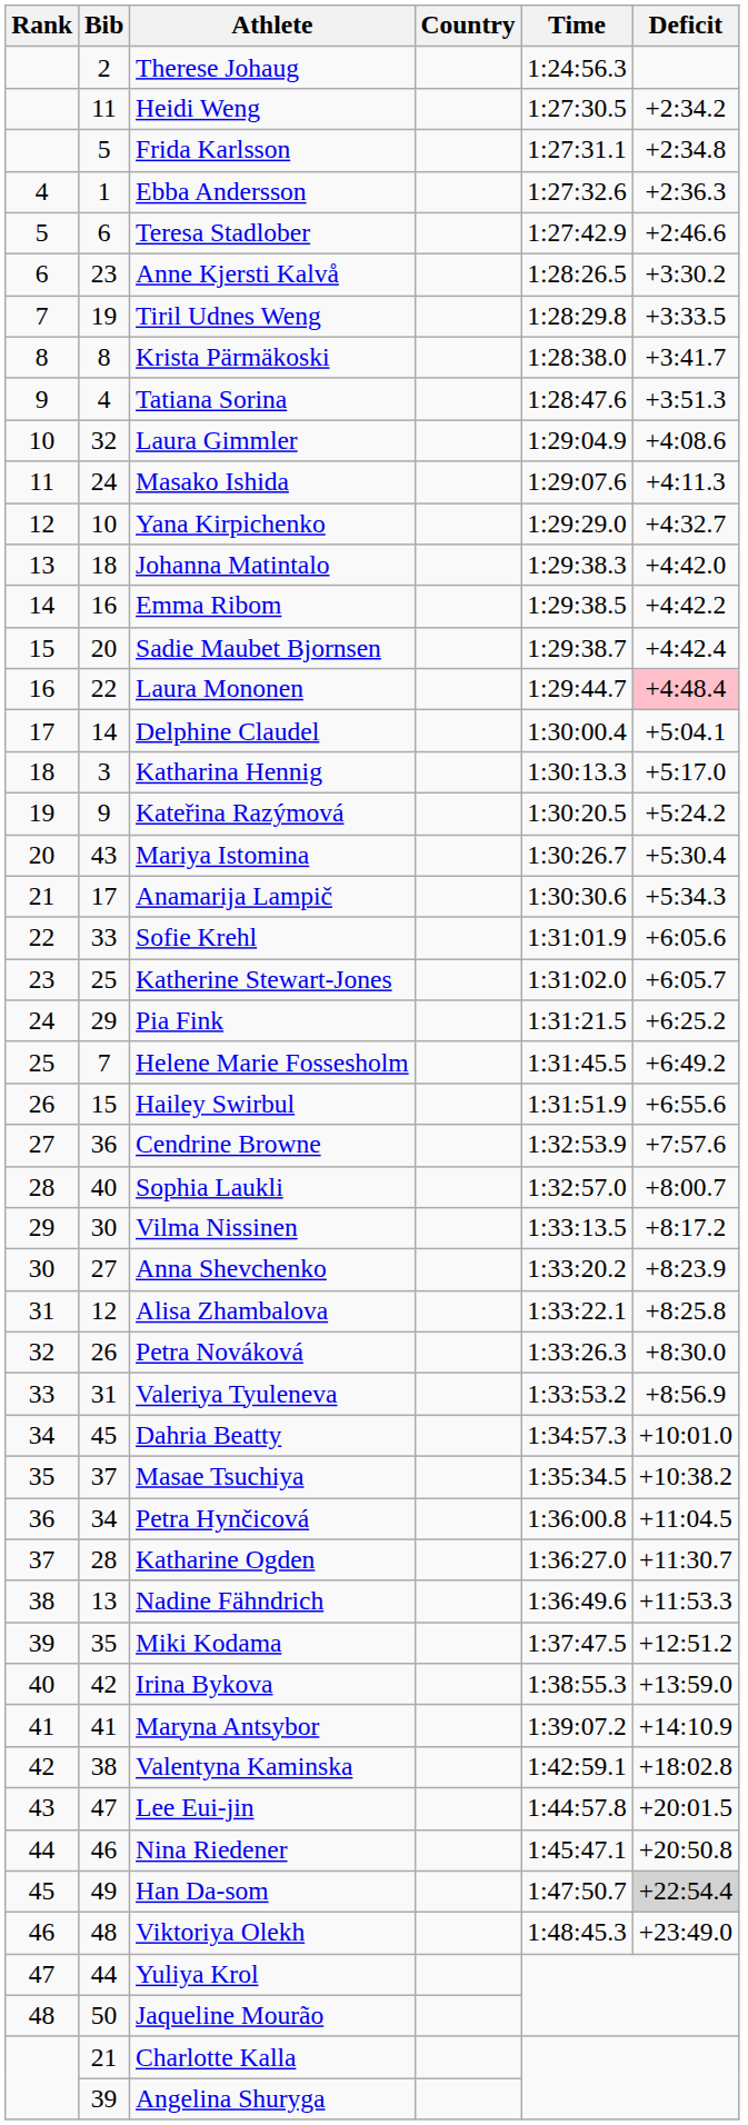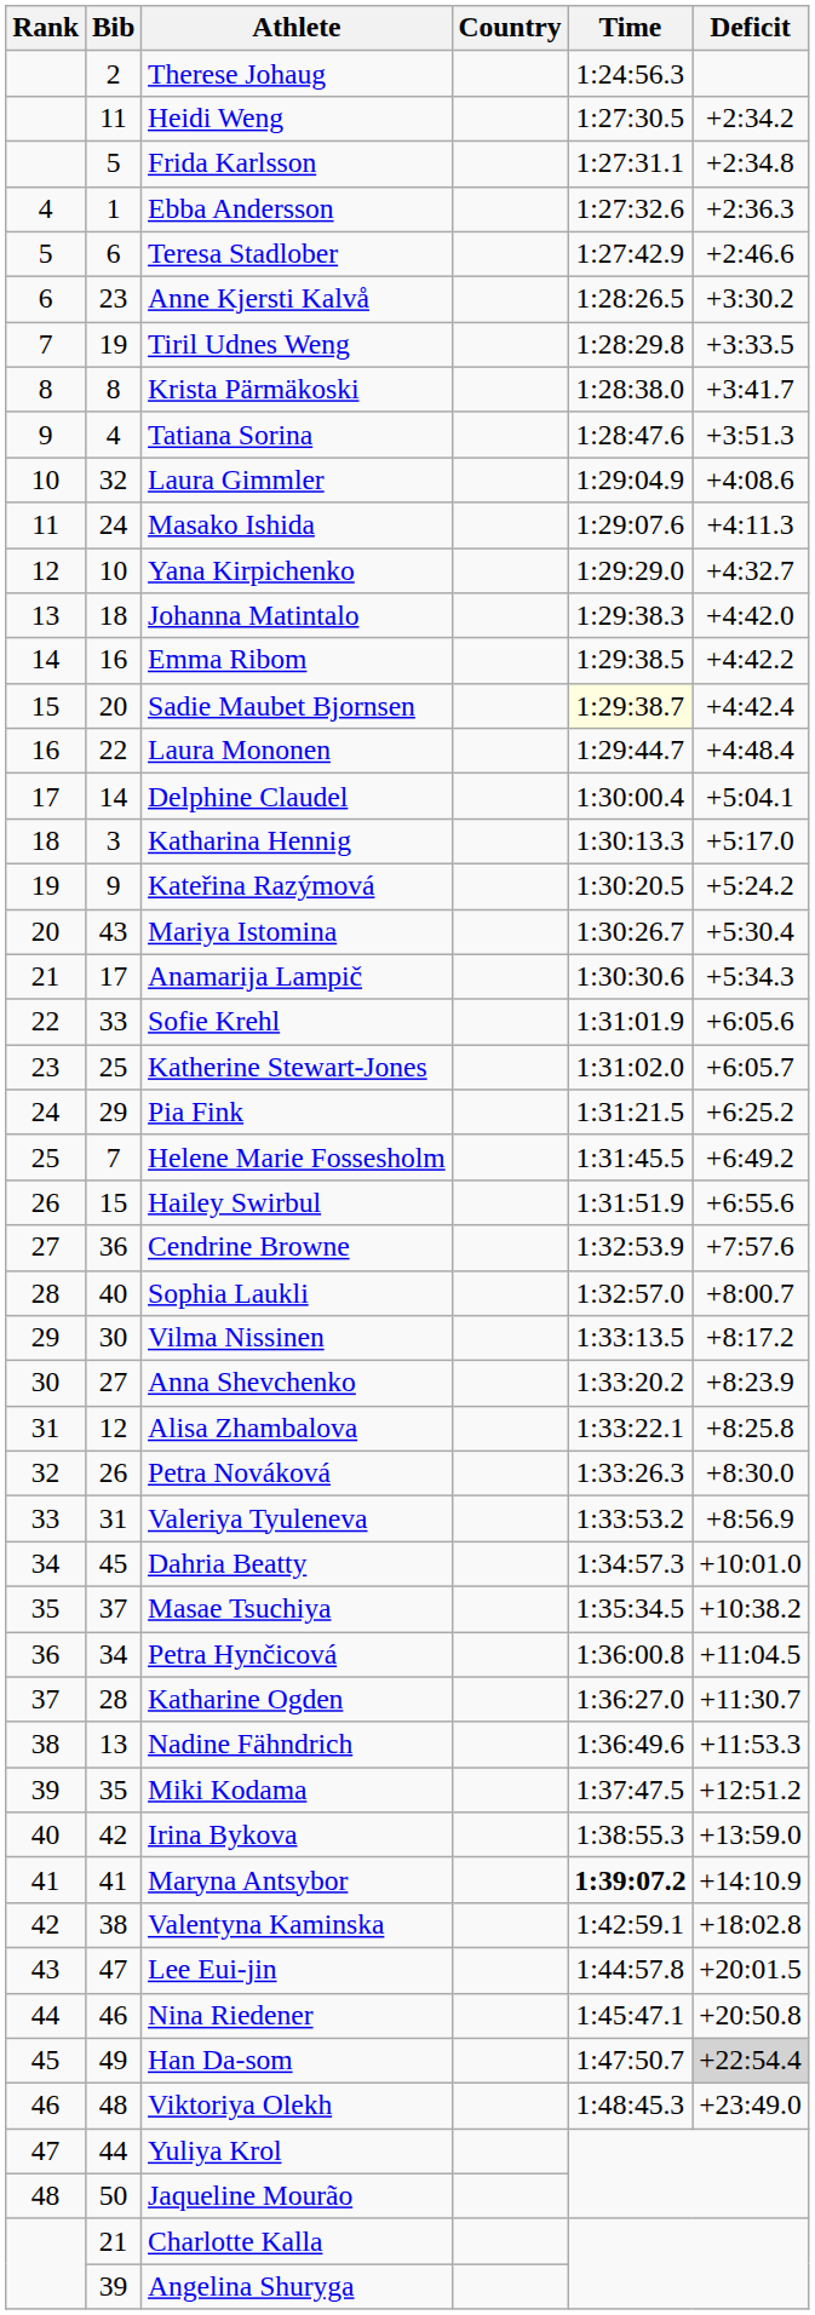 <table class="wikitable sortable" style="text-align:center">
 <tr>
 <th>Rank</th>
 <th>Bib</th>
 <th>Athlete</th>
 <th>Country</th>
 <th>Time</th>
 <th>Deficit</th>
 </tr>
 <tr>
 <td></td>
 <td>2</td>
 <td align=left><a href='#'>Therese Johaug</a></td>
 <td align=left></td>
 <td>1:24:56.3</td>
 <td></td>
 </tr>
 <tr>
 <td></td>
 <td>11</td>
 <td align=left><a href='#'>Heidi Weng</a></td>
 <td align=left></td>
 <td>1:27:30.5</td>
 <td>+2:34.2</td>
 </tr>
 <tr>
 <td></td>
 <td>5</td>
 <td align=left><a href='#'>Frida Karlsson</a></td>
 <td align=left></td>
 <td>1:27:31.1</td>
 <td>+2:34.8</td>
 </tr>
 <tr>
 <td>4</td>
 <td>1</td>
 <td align=left><a href='#'>Ebba Andersson</a></td>
 <td align=left></td>
 <td>1:27:32.6</td>
 <td>+2:36.3</td>
 </tr>
 <tr>
 <td>5</td>
 <td>6</td>
 <td align=left><a href='#'>Teresa Stadlober</a></td>
 <td align=left></td>
 <td>1:27:42.9</td>
 <td>+2:46.6</td>
 </tr>
 <tr>
 <td>6</td>
 <td>23</td>
 <td align=left><a href='#'>Anne Kjersti Kalvå</a></td>
 <td align=left></td>
 <td>1:28:26.5</td>
 <td>+3:30.2</td>
 </tr>
 <tr>
 <td>7</td>
 <td>19</td>
 <td align=left><a href='#'>Tiril Udnes Weng</a></td>
 <td align=left></td>
 <td>1:28:29.8</td>
 <td>+3:33.5</td>
 </tr>
 <tr>
 <td>8</td>
 <td>8</td>
 <td align=left><a href='#'>Krista Pärmäkoski</a></td>
 <td align=left></td>
 <td>1:28:38.0</td>
 <td>+3:41.7</td>
 </tr>
 <tr>
 <td>9</td>
 <td>4</td>
 <td align=left><a href='#'>Tatiana Sorina</a></td>
 <td align=left></td>
 <td>1:28:47.6</td>
 <td>+3:51.3</td>
 </tr>
 <tr>
 <td>10</td>
 <td>32</td>
 <td align=left><a href='#'>Laura Gimmler</a></td>
 <td align=left></td>
 <td>1:29:04.9</td>
 <td>+4:08.6</td>
 </tr>
 <tr>
 <td>11</td>
 <td>24</td>
 <td align=left><a href='#'>Masako Ishida</a></td>
 <td align=left></td>
 <td>1:29:07.6</td>
 <td>+4:11.3</td>
 </tr>
 <tr>
 <td>12</td>
 <td>10</td>
 <td align=left><a href='#'>Yana Kirpichenko</a></td>
 <td align=left></td>
 <td>1:29:29.0</td>
 <td>+4:32.7</td>
 </tr>
 <tr>
 <td>13</td>
 <td>18</td>
 <td align=left><a href='#'>Johanna Matintalo</a></td>
 <td align=left></td>
 <td>1:29:38.3</td>
 <td>+4:42.0</td>
 </tr>
 <tr>
 <td>14</td>
 <td>16</td>
 <td align=left><a href='#'>Emma Ribom</a></td>
 <td align=left></td>
 <td>1:29:38.5</td>
 <td>+4:42.2</td>
 </tr>
 <tr>
 <td>15</td>
 <td>20</td>
 <td align=left><a href='#'>Sadie Maubet Bjornsen</a></td>
 <td align=left></td>
-<td>1:29:38.7</td>
+<td style="background: lightyellow;">1:29:38.7</td>
 <td>+4:42.4</td>
 </tr>
 <tr>
 <td>16</td>
 <td>22</td>
 <td align=left><a href='#'>Laura Mononen</a></td>
 <td align=left></td>
 <td>1:29:44.7</td>
-<td style="background: pink;">+4:48.4</td>
+<td>+4:48.4</td>
 </tr>
 <tr>
 <td>17</td>
 <td>14</td>
 <td align=left><a href='#'>Delphine Claudel</a></td>
 <td align=left></td>
 <td>1:30:00.4</td>
 <td>+5:04.1</td>
 </tr>
 <tr>
 <td>18</td>
 <td>3</td>
 <td align=left><a href='#'>Katharina Hennig</a></td>
 <td align=left></td>
 <td>1:30:13.3</td>
 <td>+5:17.0</td>
 </tr>
 <tr>
 <td>19</td>
 <td>9</td>
 <td align=left><a href='#'>Kateřina Razýmová</a></td>
 <td align=left></td>
 <td>1:30:20.5</td>
 <td>+5:24.2</td>
 </tr>
 <tr>
 <td>20</td>
 <td>43</td>
 <td align=left><a href='#'>Mariya Istomina</a></td>
 <td align="left"></td>
 <td>1:30:26.7</td>
 <td>+5:30.4</td>
 </tr>
 <tr>
 <td>21</td>
 <td>17</td>
 <td align=left><a href='#'>Anamarija Lampič</a></td>
 <td align=left></td>
 <td>1:30:30.6</td>
 <td>+5:34.3</td>
 </tr>
 <tr>
 <td>22</td>
 <td>33</td>
 <td align=left><a href='#'>Sofie Krehl</a></td>
 <td align=left></td>
 <td>1:31:01.9</td>
 <td>+6:05.6</td>
 </tr>
 <tr>
 <td>23</td>
 <td>25</td>
 <td align=left><a href='#'>Katherine Stewart-Jones</a></td>
 <td align=left></td>
 <td>1:31:02.0</td>
 <td>+6:05.7</td>
 </tr>
 <tr>
 <td>24</td>
 <td>29</td>
 <td align=left><a href='#'>Pia Fink</a></td>
 <td align=left></td>
 <td>1:31:21.5</td>
 <td>+6:25.2</td>
 </tr>
 <tr>
 <td>25</td>
 <td>7</td>
 <td align=left><a href='#'>Helene Marie Fossesholm</a></td>
 <td align=left></td>
 <td>1:31:45.5</td>
 <td>+6:49.2</td>
 </tr>
 <tr>
 <td>26</td>
 <td>15</td>
 <td align=left><a href='#'>Hailey Swirbul</a></td>
 <td align=left></td>
 <td>1:31:51.9</td>
 <td>+6:55.6</td>
 </tr>
 <tr>
 <td>27</td>
 <td>36</td>
 <td align=left><a href='#'>Cendrine Browne</a></td>
 <td align=left></td>
 <td>1:32:53.9</td>
 <td>+7:57.6</td>
 </tr>
 <tr>
 <td>28</td>
 <td>40</td>
 <td align=left><a href='#'>Sophia Laukli</a></td>
 <td align=left></td>
 <td>1:32:57.0</td>
 <td>+8:00.7</td>
 </tr>
 <tr>
 <td>29</td>
 <td>30</td>
 <td align=left><a href='#'>Vilma Nissinen</a></td>
 <td align="left"></td>
 <td>1:33:13.5</td>
 <td>+8:17.2</td>
 </tr>
 <tr>
 <td>30</td>
 <td>27</td>
 <td align=left><a href='#'>Anna Shevchenko</a></td>
 <td align=left></td>
 <td>1:33:20.2</td>
 <td>+8:23.9</td>
 </tr>
 <tr>
 <td>31</td>
 <td>12</td>
 <td align=left><a href='#'>Alisa Zhambalova</a></td>
 <td align=left></td>
 <td>1:33:22.1</td>
 <td>+8:25.8</td>
 </tr>
 <tr>
 <td>32</td>
 <td>26</td>
 <td align=left><a href='#'>Petra Nováková</a></td>
 <td align=left></td>
 <td>1:33:26.3</td>
 <td>+8:30.0</td>
 </tr>
 <tr>
 <td>33</td>
 <td>31</td>
 <td align=left><a href='#'>Valeriya Tyuleneva</a></td>
 <td align=left></td>
 <td>1:33:53.2</td>
 <td>+8:56.9</td>
 </tr>
 <tr>
 <td>34</td>
 <td>45</td>
 <td align=left><a href='#'>Dahria Beatty</a></td>
 <td align=left></td>
 <td>1:34:57.3</td>
 <td>+10:01.0</td>
 </tr>
 <tr>
 <td>35</td>
 <td>37</td>
 <td align=left><a href='#'>Masae Tsuchiya</a></td>
 <td align="left"></td>
 <td>1:35:34.5</td>
 <td>+10:38.2</td>
 </tr>
 <tr>
 <td>36</td>
 <td>34</td>
 <td align=left><a href='#'>Petra Hynčicová</a></td>
 <td align=left></td>
 <td>1:36:00.8</td>
 <td>+11:04.5</td>
 </tr>
 <tr>
 <td>37</td>
 <td>28</td>
 <td align=left><a href='#'>Katharine Ogden</a></td>
 <td align="left"></td>
 <td>1:36:27.0</td>
 <td>+11:30.7</td>
 </tr>
 <tr>
 <td>38</td>
 <td>13</td>
 <td align=left><a href='#'>Nadine Fähndrich</a></td>
 <td align=left></td>
 <td>1:36:49.6</td>
 <td>+11:53.3</td>
 </tr>
 <tr>
 <td>39</td>
 <td>35</td>
 <td align=left><a href='#'>Miki Kodama</a></td>
 <td align="left"></td>
 <td>1:37:47.5</td>
 <td>+12:51.2</td>
 </tr>
 <tr>
 <td>40</td>
 <td>42</td>
 <td align=left><a href='#'>Irina Bykova</a></td>
 <td align=left></td>
 <td>1:38:55.3</td>
 <td>+13:59.0</td>
 </tr>
 <tr>
 <td>41</td>
 <td>41</td>
 <td align=left><a href='#'>Maryna Antsybor</a></td>
 <td align=left></td>
-<td>1:39:07.2</td>
+<td><strong>1:39:07.2</strong></td>
 <td>+14:10.9</td>
 </tr>
 <tr>
 <td>42</td>
 <td>38</td>
 <td align=left><a href='#'>Valentyna Kaminska</a></td>
 <td align=left></td>
 <td>1:42:59.1</td>
 <td>+18:02.8</td>
 </tr>
 <tr>
 <td>43</td>
 <td>47</td>
 <td align=left><a href='#'>Lee Eui-jin</a></td>
 <td align="left"></td>
 <td>1:44:57.8</td>
 <td>+20:01.5</td>
 </tr>
 <tr>
 <td>44</td>
 <td>46</td>
 <td align=left><a href='#'>Nina Riedener</a></td>
 <td align="left"></td>
 <td>1:45:47.1</td>
 <td>+20:50.8</td>
 </tr>
 <tr>
 <td>45</td>
 <td>49</td>
 <td align=left><a href='#'>Han Da-som</a></td>
 <td align="left"></td>
 <td>1:47:50.7</td>
 <td style="background: lightgrey;">+22:54.4</td>
 </tr>
 <tr>
 <td>46</td>
 <td>48</td>
 <td align=left><a href='#'>Viktoriya Olekh</a></td>
 <td align=left></td>
 <td>1:48:45.3</td>
 <td>+23:49.0</td>
 </tr>
 <tr>
 <td>47</td>
 <td>44</td>
 <td align=left><a href='#'>Yuliya Krol</a></td>
 <td align=left></td>
 <td colspan=2 rowspan=2></td>
 </tr>
 <tr>
 <td>48</td>
 <td>50</td>
 <td align=left><a href='#'>Jaqueline Mourão</a></td>
 <td align=left></td>
 </tr>
 <tr>
 <td rowspan=2></td>
 <td>21</td>
 <td align=left><a href='#'>Charlotte Kalla</a></td>
 <td align=left></td>
 <td colspan=2 rowspan=2></td>
 </tr>
 <tr>
 <td>39</td>
 <td align=left><a href='#'>Angelina Shuryga</a></td>
 <td align="left"></td>
 </tr>
 </table>
